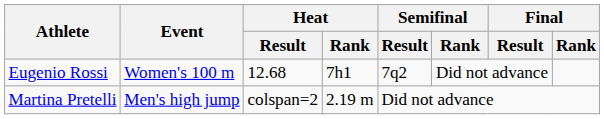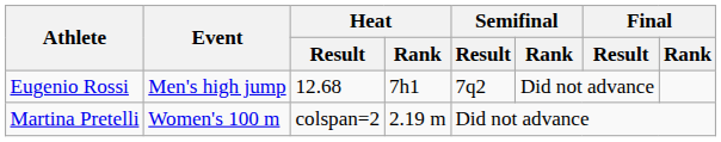 <table class=wikitable>
 <tr>
 <th rowspan=2>Athlete</th>
 <th rowspan=2>Event</th>
 <th colspan=2>Heat</th>
 <th colspan=2>Semifinal</th>
 <th colspan=2>Final</th>
 </tr>
 <tr>
 <th>Result</th>
 <th>Rank</th>
 <th>Result</th>
 <th>Rank</th>
 <th>Result</th>
 <th>Rank</th>
 </tr>
 <tr>
 <td><a href='#'>Eugenio Rossi</a></td>
-<td><a href='#'>Women's 100 m</a></td>
+<td><a href='#'>Men's high jump</a></td>
 <td>12.68</td>
 <td>7h1</td>
 <td>7q2</td>
 <td colspan=2>Did not advance</td>
 </tr>
 <tr>
 <td><a href='#'>Martina Pretelli</a></td>
-<td><a href='#'>Men's high jump</a></td>
+<td><a href='#'>Women's 100 m</a></td>
 <td>colspan=2 </td>
 <td>2.19 m</td>
 <td colspan=4>Did not advance</td>
 </tr>
 </table>
